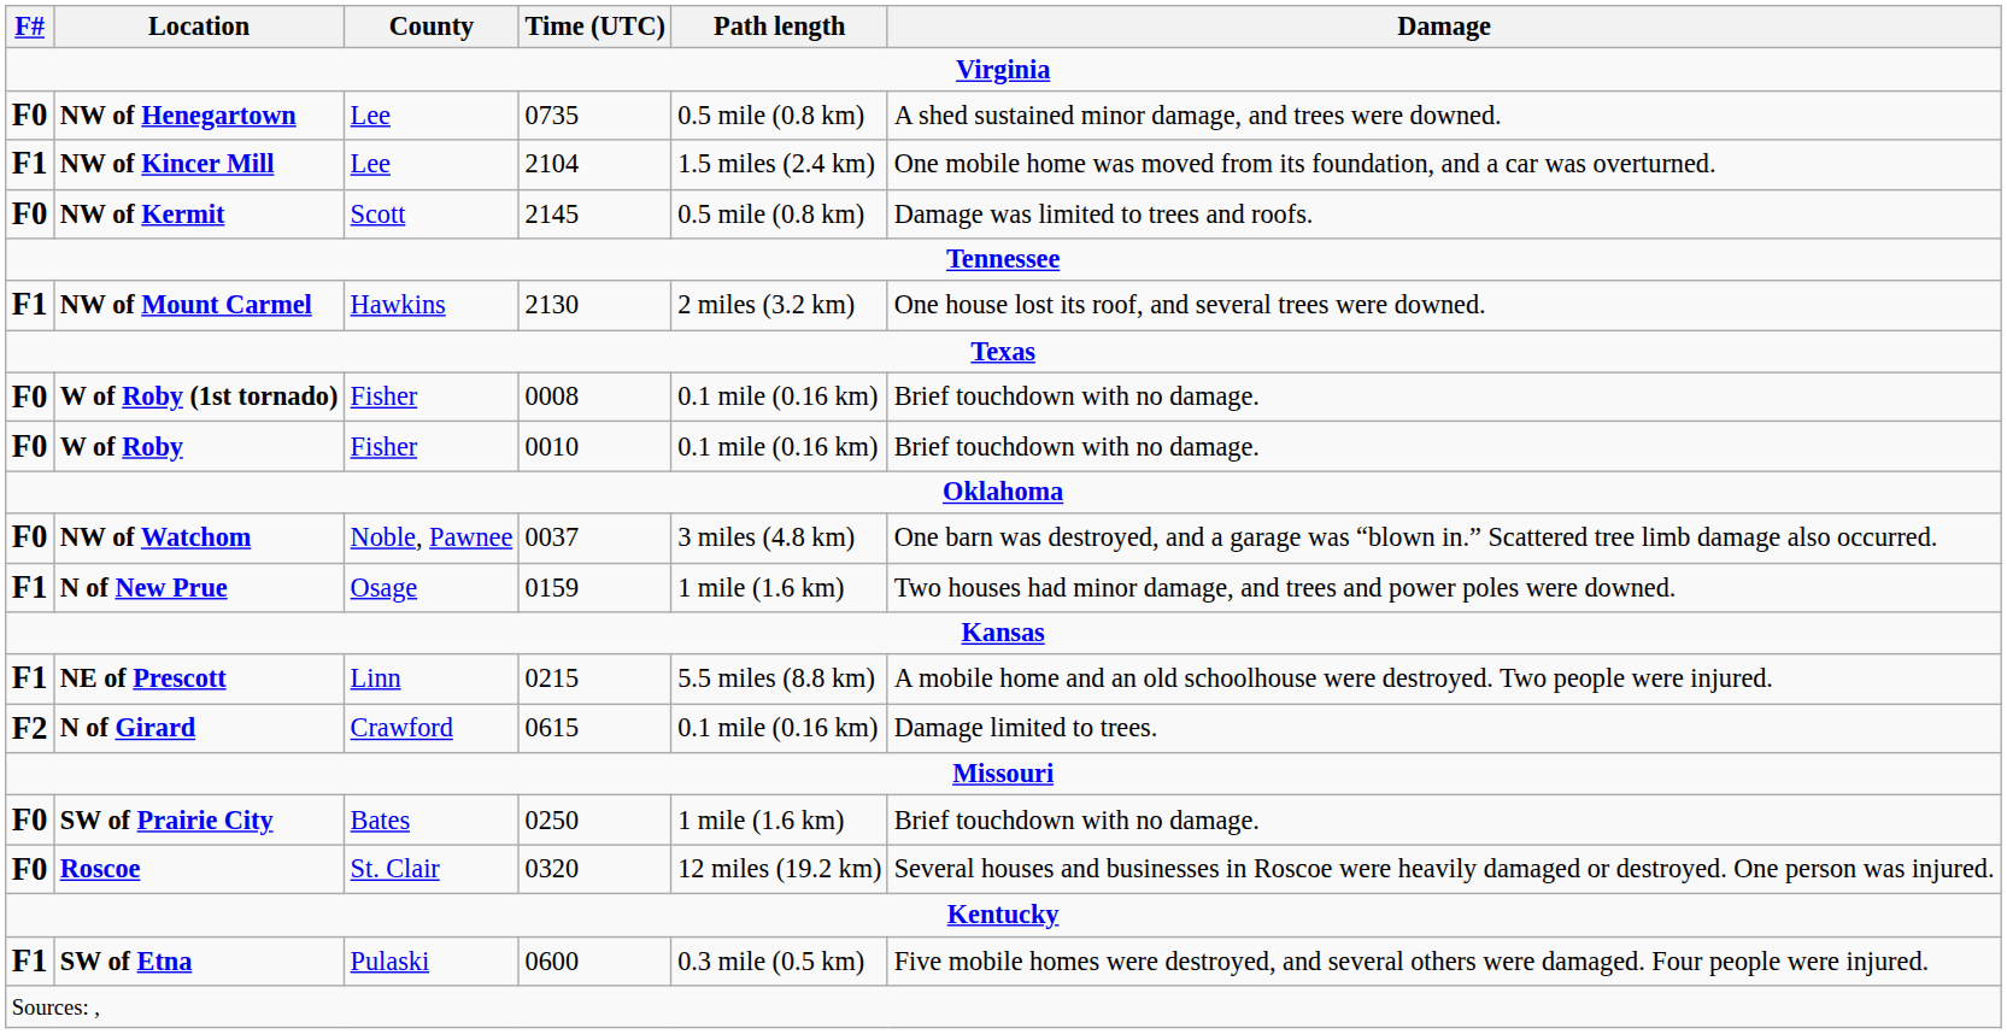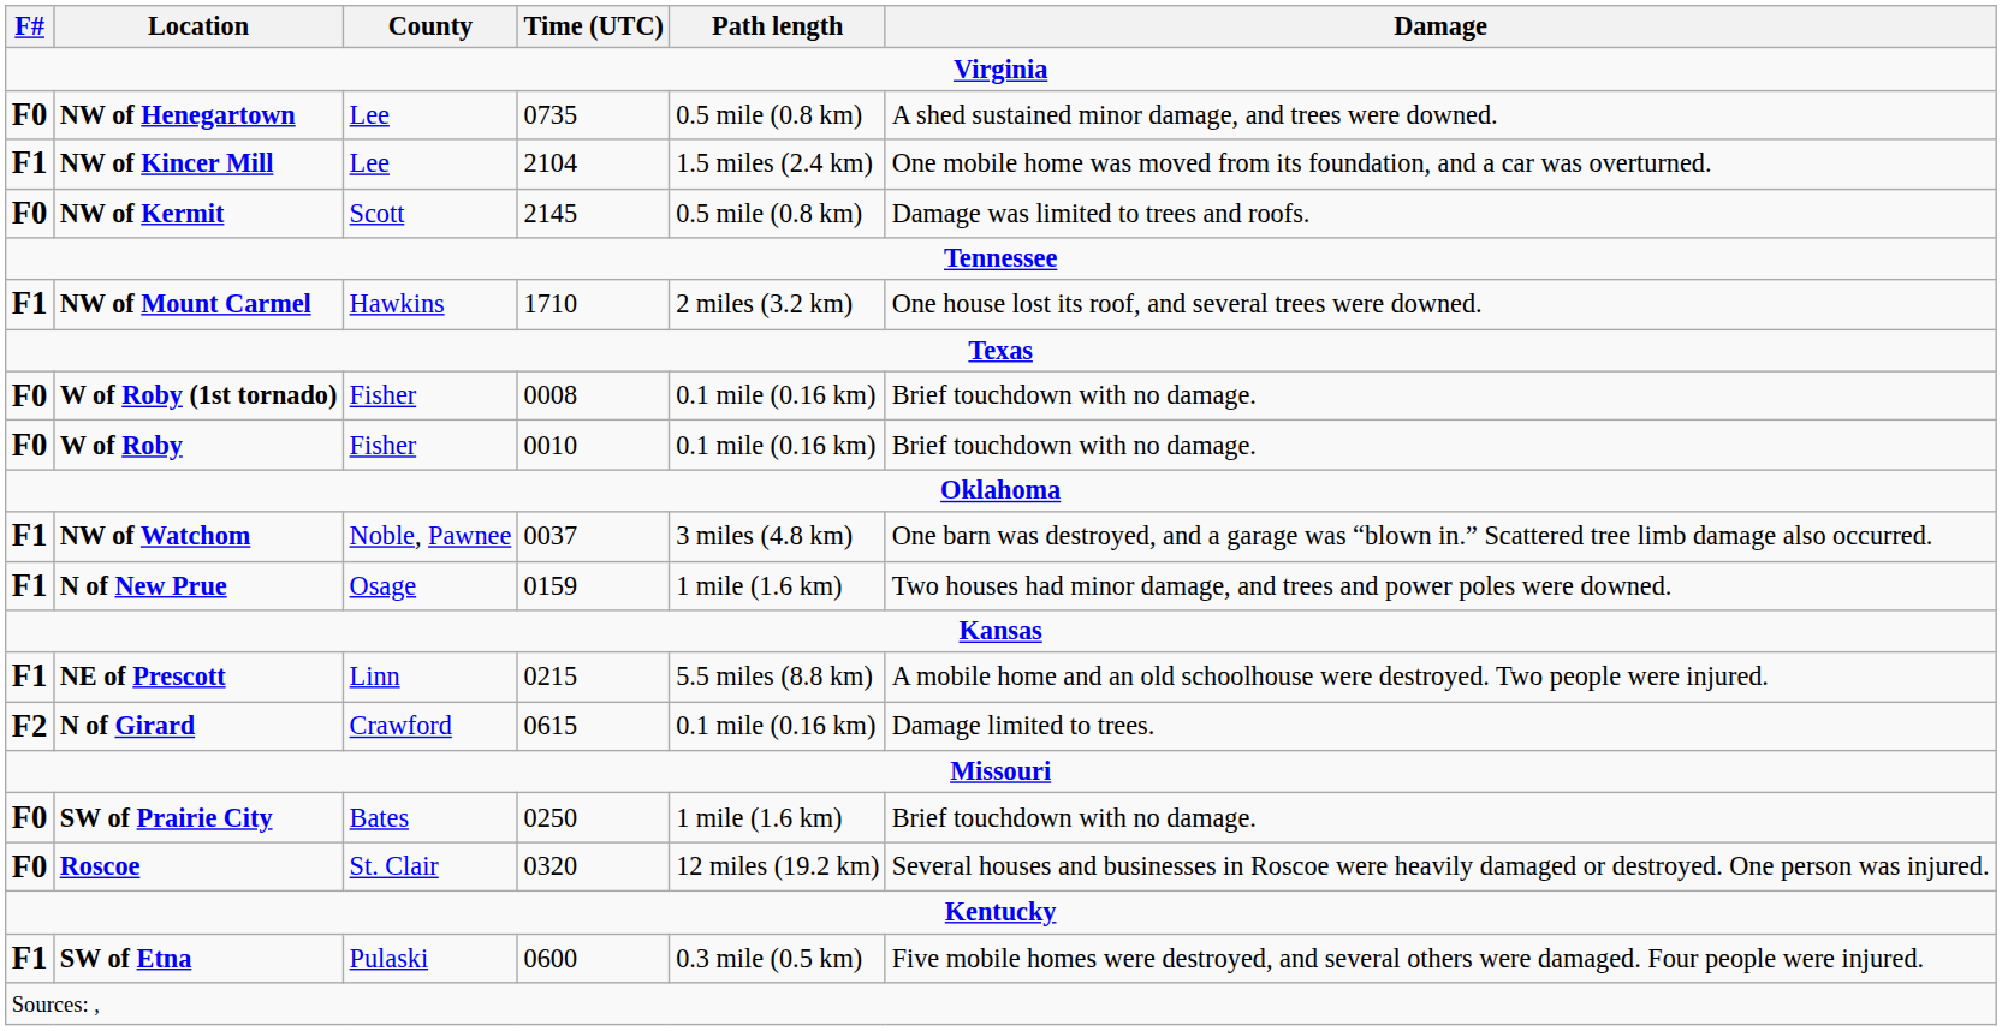 <table class="wikitable">
 <tr>
 <th><strong><a href='#'>F#</a></strong></th>
 <th><strong>Location</strong></th>
 <th><strong>County</strong></th>
 <th><strong>Time (UTC)</strong></th>
 <th><strong>Path length</strong></th>
 <th><strong>Damage</strong></th>
 </tr>
 <tr>
 <td colspan="7" align=center><strong><a href='#'>Virginia</a></strong></td>
 </tr>
 <tr>
 <td><big><strong>F0</strong></big></td>
 <td><strong>NW of <a href='#'>Henegartown</a></strong></td>
 <td><a href='#'>Lee</a></td>
 <td>0735</td>
 <td>0.5 mile (0.8 km)</td>
 <td>A shed sustained minor damage, and trees were downed.</td>
 </tr>
 <tr>
 <td><big><strong>F1</strong></big></td>
 <td><strong>NW of <a href='#'>Kincer Mill</a></strong></td>
 <td><a href='#'>Lee</a></td>
 <td>2104</td>
 <td>1.5 miles (2.4 km)</td>
 <td>One mobile home was moved from its foundation, and a car was overturned.</td>
 </tr>
 <tr>
 <td><big><strong>F0</strong></big></td>
 <td><strong>NW of <a href='#'>Kermit</a></strong></td>
 <td><a href='#'>Scott</a></td>
 <td>2145</td>
 <td>0.5 mile (0.8 km)</td>
 <td>Damage was limited to trees and roofs.</td>
 </tr>
 <tr>
 <td colspan="7" align=center><strong><a href='#'>Tennessee</a></strong></td>
 </tr>
 <tr>
 <td><big><strong>F1</strong></big></td>
 <td><strong>NW of <a href='#'>Mount Carmel</a></strong></td>
 <td><a href='#'>Hawkins</a></td>
-<td>2130</td>
+<td>1710</td>
 <td>2 miles (3.2 km)</td>
 <td>One house lost its roof, and several trees were downed.</td>
 </tr>
 <tr>
 <td colspan="7" align=center><strong><a href='#'>Texas</a></strong></td>
 </tr>
 <tr>
 <td><big><strong>F0</strong></big></td>
 <td><strong>W of <a href='#'>Roby</a> (1st tornado)</strong></td>
 <td><a href='#'>Fisher</a></td>
 <td>0008</td>
 <td>0.1 mile (0.16 km)</td>
 <td>Brief touchdown with no damage.</td>
 </tr>
 <tr>
 <td><big><strong>F0</strong></big></td>
 <td><strong>W of <a href='#'>Roby</a></strong></td>
 <td><a href='#'>Fisher</a></td>
 <td>0010</td>
 <td>0.1 mile (0.16 km)</td>
 <td>Brief touchdown with no damage.</td>
 </tr>
 <tr>
 <td colspan="7" align=center><strong><a href='#'>Oklahoma</a></strong></td>
 </tr>
 <tr>
-<td><big><strong>F0</strong></big></td>
+<td><big><strong>F1</strong></big></td>
 <td><strong>NW of <a href='#'>Watchom</a></strong></td>
 <td><a href='#'>Noble</a>, <a href='#'>Pawnee</a></td>
 <td>0037</td>
 <td>3 miles (4.8 km)</td>
 <td>One barn was destroyed, and a garage was “blown in.” Scattered tree limb damage also occurred.</td>
 </tr>
 <tr>
 <td><big><strong>F1</strong></big></td>
 <td><strong>N of <a href='#'>New Prue</a></strong></td>
 <td><a href='#'>Osage</a></td>
 <td>0159</td>
 <td>1 mile (1.6 km)</td>
 <td>Two houses had minor damage, and trees and power poles were downed.</td>
 </tr>
 <tr>
 <td colspan="7" align=center><strong><a href='#'>Kansas</a></strong></td>
 </tr>
 <tr>
 <td><big><strong>F1</strong></big></td>
 <td><strong>NE of <a href='#'>Prescott</a></strong></td>
 <td><a href='#'>Linn</a></td>
 <td>0215</td>
 <td>5.5 miles (8.8 km)</td>
 <td>A mobile home and an old schoolhouse were destroyed. Two people were injured.</td>
 </tr>
 <tr>
 <td><big><strong>F2</strong></big></td>
 <td><strong>N of <a href='#'>Girard</a></strong></td>
 <td><a href='#'>Crawford</a></td>
 <td>0615</td>
 <td>0.1 mile (0.16 km)</td>
 <td>Damage limited to trees.</td>
 </tr>
 <tr>
 <td colspan="7" align=center><strong><a href='#'>Missouri</a></strong></td>
 </tr>
 <tr>
 <td><big><strong>F0</strong></big></td>
 <td><strong>SW of <a href='#'>Prairie City</a></strong></td>
 <td><a href='#'>Bates</a></td>
 <td>0250</td>
 <td>1 mile (1.6 km)</td>
 <td>Brief touchdown with no damage.</td>
 </tr>
 <tr>
 <td><big><strong>F0</strong></big></td>
 <td><strong><a href='#'>Roscoe</a></strong></td>
 <td><a href='#'>St. Clair</a></td>
 <td>0320</td>
 <td>12 miles (19.2 km)</td>
 <td>Several houses and businesses in Roscoe were heavily damaged or destroyed. One person was injured.</td>
 </tr>
 <tr>
 <td colspan="7" align=center><strong><a href='#'>Kentucky</a></strong></td>
 </tr>
 <tr>
 <td><big><strong>F1</strong></big></td>
 <td><strong>SW of <a href='#'>Etna</a></strong></td>
 <td><a href='#'>Pulaski</a></td>
 <td>0600</td>
 <td>0.3 mile (0.5 km)</td>
 <td>Five mobile homes were destroyed, and several others were damaged. Four people were injured.</td>
 </tr>
 <tr>
 <td colspan="7"><small>Sources: , </small></td>
 </tr>
 </table>
